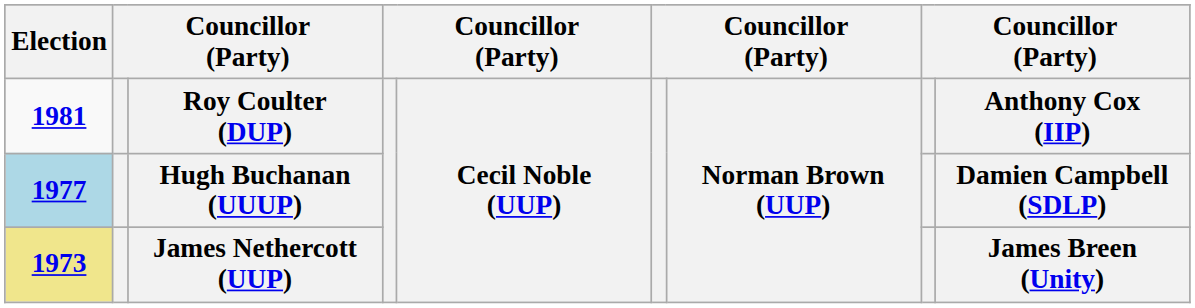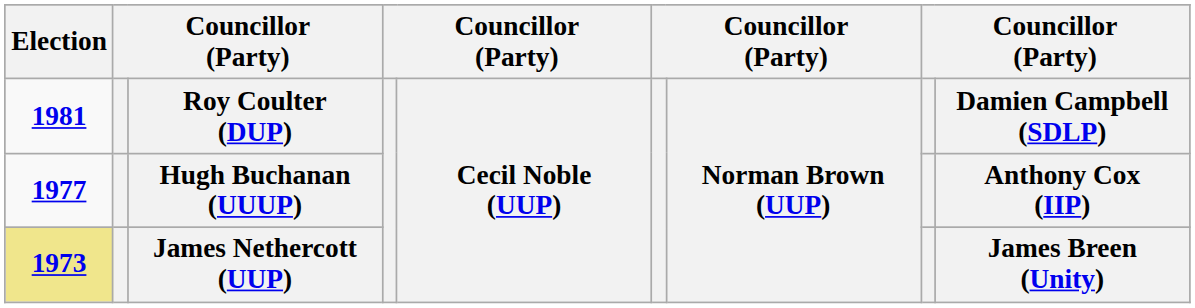 <table class="wikitable" style="text-align:center">
 <tr>
 <th scope="col" width="50">Election</th>
 <th scope="col" width="150" colspan = "2">Councillor<br> (Party)</th>
 <th scope="col" width="150" colspan = "2">Councillor<br> (Party)</th>
 <th scope="col" width="150" colspan = "2">Councillor<br> (Party)</th>
 <th scope="col" width="150" colspan = "2">Councillor<br> (Party)</th>
 </tr>
 <tr>
 <td><strong><a href='#'>1981</a></strong></td>
 <th rowspan="1" width="1" style="background-color: "></th>
 <th rowspan = "1">Roy Coulter <br> (<a href='#'>DUP</a>)</th>
 <th rowspan="3" width="1" style="background-color: "></th>
 <th rowspan = "3">Cecil Noble <br> (<a href='#'>UUP</a>)</th>
 <th rowspan="3" width="1" style="background-color: "></th>
 <th rowspan = "3">Norman Brown <br> (<a href='#'>UUP</a>)</th>
 <th rowspan="1" width="1" style="background-color: "></th>
-<th rowspan = "1">Anthony Cox <br> (<a href='#'>IIP</a>)</th>
+<th rowspan = "1">Damien Campbell <br> (<a href='#'>SDLP</a>)</th>
 </tr>
 <tr>
-<td style="background: lightblue;"><strong><a href='#'>1977</a></strong></td>
+<td><strong><a href='#'>1977</a></strong></td>
 <th rowspan="1" width="1" style="background-color: "></th>
 <th rowspan = "1">Hugh Buchanan <br> (<a href='#'>UUUP</a>)</th>
 <th rowspan="1" width="1" style="background-color: "></th>
-<th rowspan = "1">Damien Campbell <br> (<a href='#'>SDLP</a>)</th>
+<th rowspan = "1">Anthony Cox <br> (<a href='#'>IIP</a>)</th>
 </tr>
 <tr>
 <td style="background: khaki;"><strong><a href='#'>1973</a></strong></td>
 <th rowspan="1" width="1" style="background-color: "></th>
 <th rowspan = "1">James Nethercott <br> (<a href='#'>UUP</a>)</th>
 <th rowspan="1" width="1" style="background-color: "></th>
 <th rowspan = "1">James Breen <br> (<a href='#'>Unity</a>)</th>
 </tr>
 </table>
